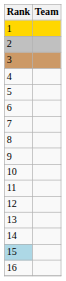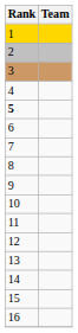 <table class="wikitable">
 <tr>
 <th>Rank</th>
 <th>Team</th>
 </tr>
 <tr style="background:gold">
 <td>1</td>
 <td></td>
 </tr>
 <tr style="background:silver">
 <td>2</td>
 <td></td>
 </tr>
 <tr style="background:#c96;">
 <td>3</td>
 <td></td>
 </tr>
 <tr>
 <td>4</td>
 <td></td>
 </tr>
 <tr>
-<td>5</td>
+<td><strong>5</strong></td>
 <td></td>
 </tr>
 <tr>
 <td>6</td>
 <td></td>
 </tr>
 <tr>
 <td>7</td>
 <td></td>
 </tr>
 <tr>
 <td>8</td>
 <td></td>
 </tr>
 <tr>
 <td>9</td>
 <td></td>
 </tr>
 <tr>
 <td>10</td>
 <td></td>
 </tr>
 <tr>
 <td>11</td>
 <td></td>
 </tr>
 <tr>
 <td>12</td>
 <td></td>
 </tr>
 <tr>
 <td>13</td>
 <td></td>
 </tr>
 <tr>
 <td>14</td>
 <td></td>
 </tr>
 <tr>
-<td style="background: lightblue;">15</td>
+<td>15</td>
 <td></td>
 </tr>
 <tr>
 <td>16</td>
 <td></td>
 </tr>
 <tr>
 </tr>
 </table>
